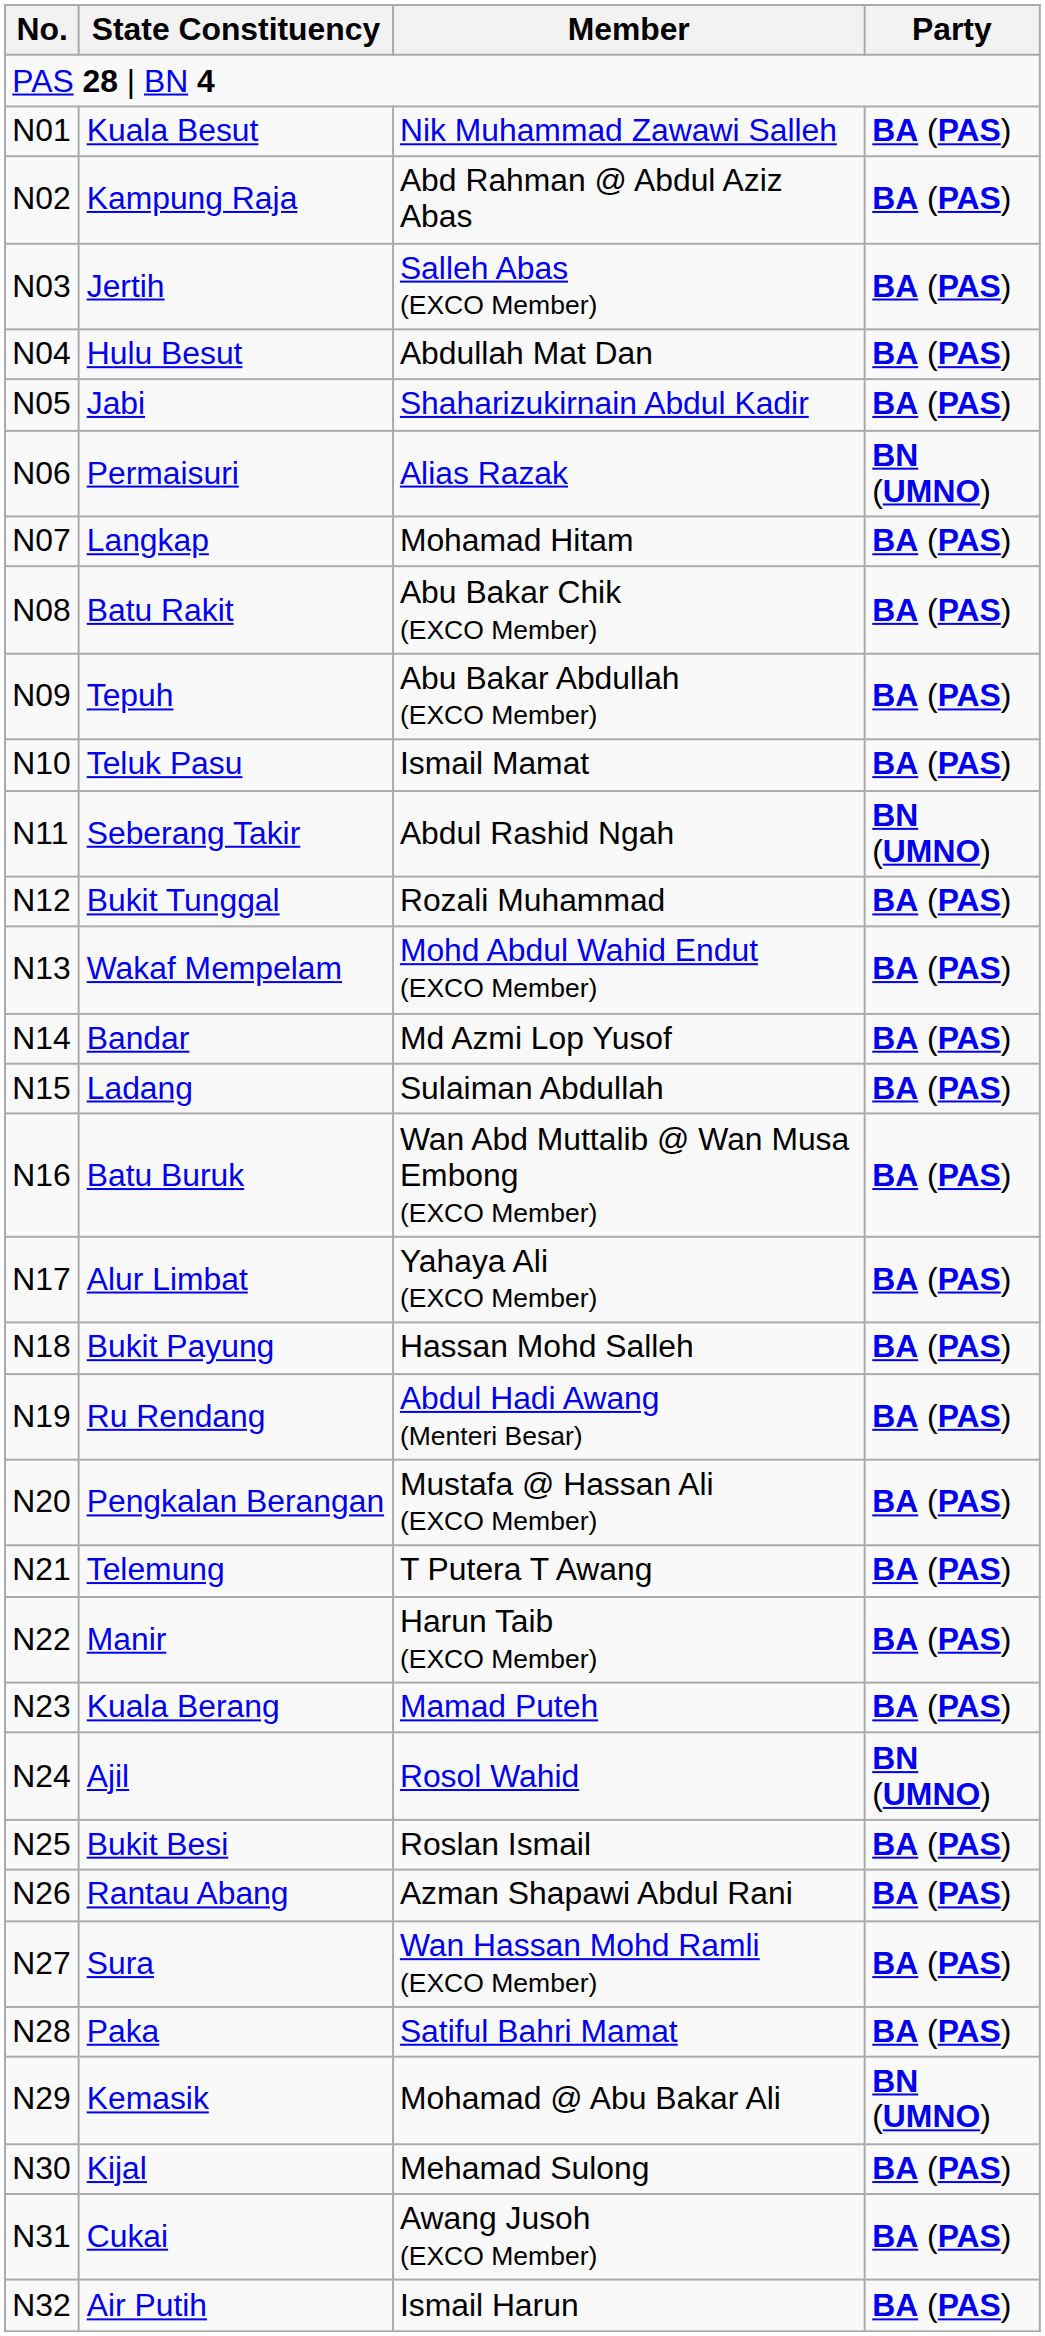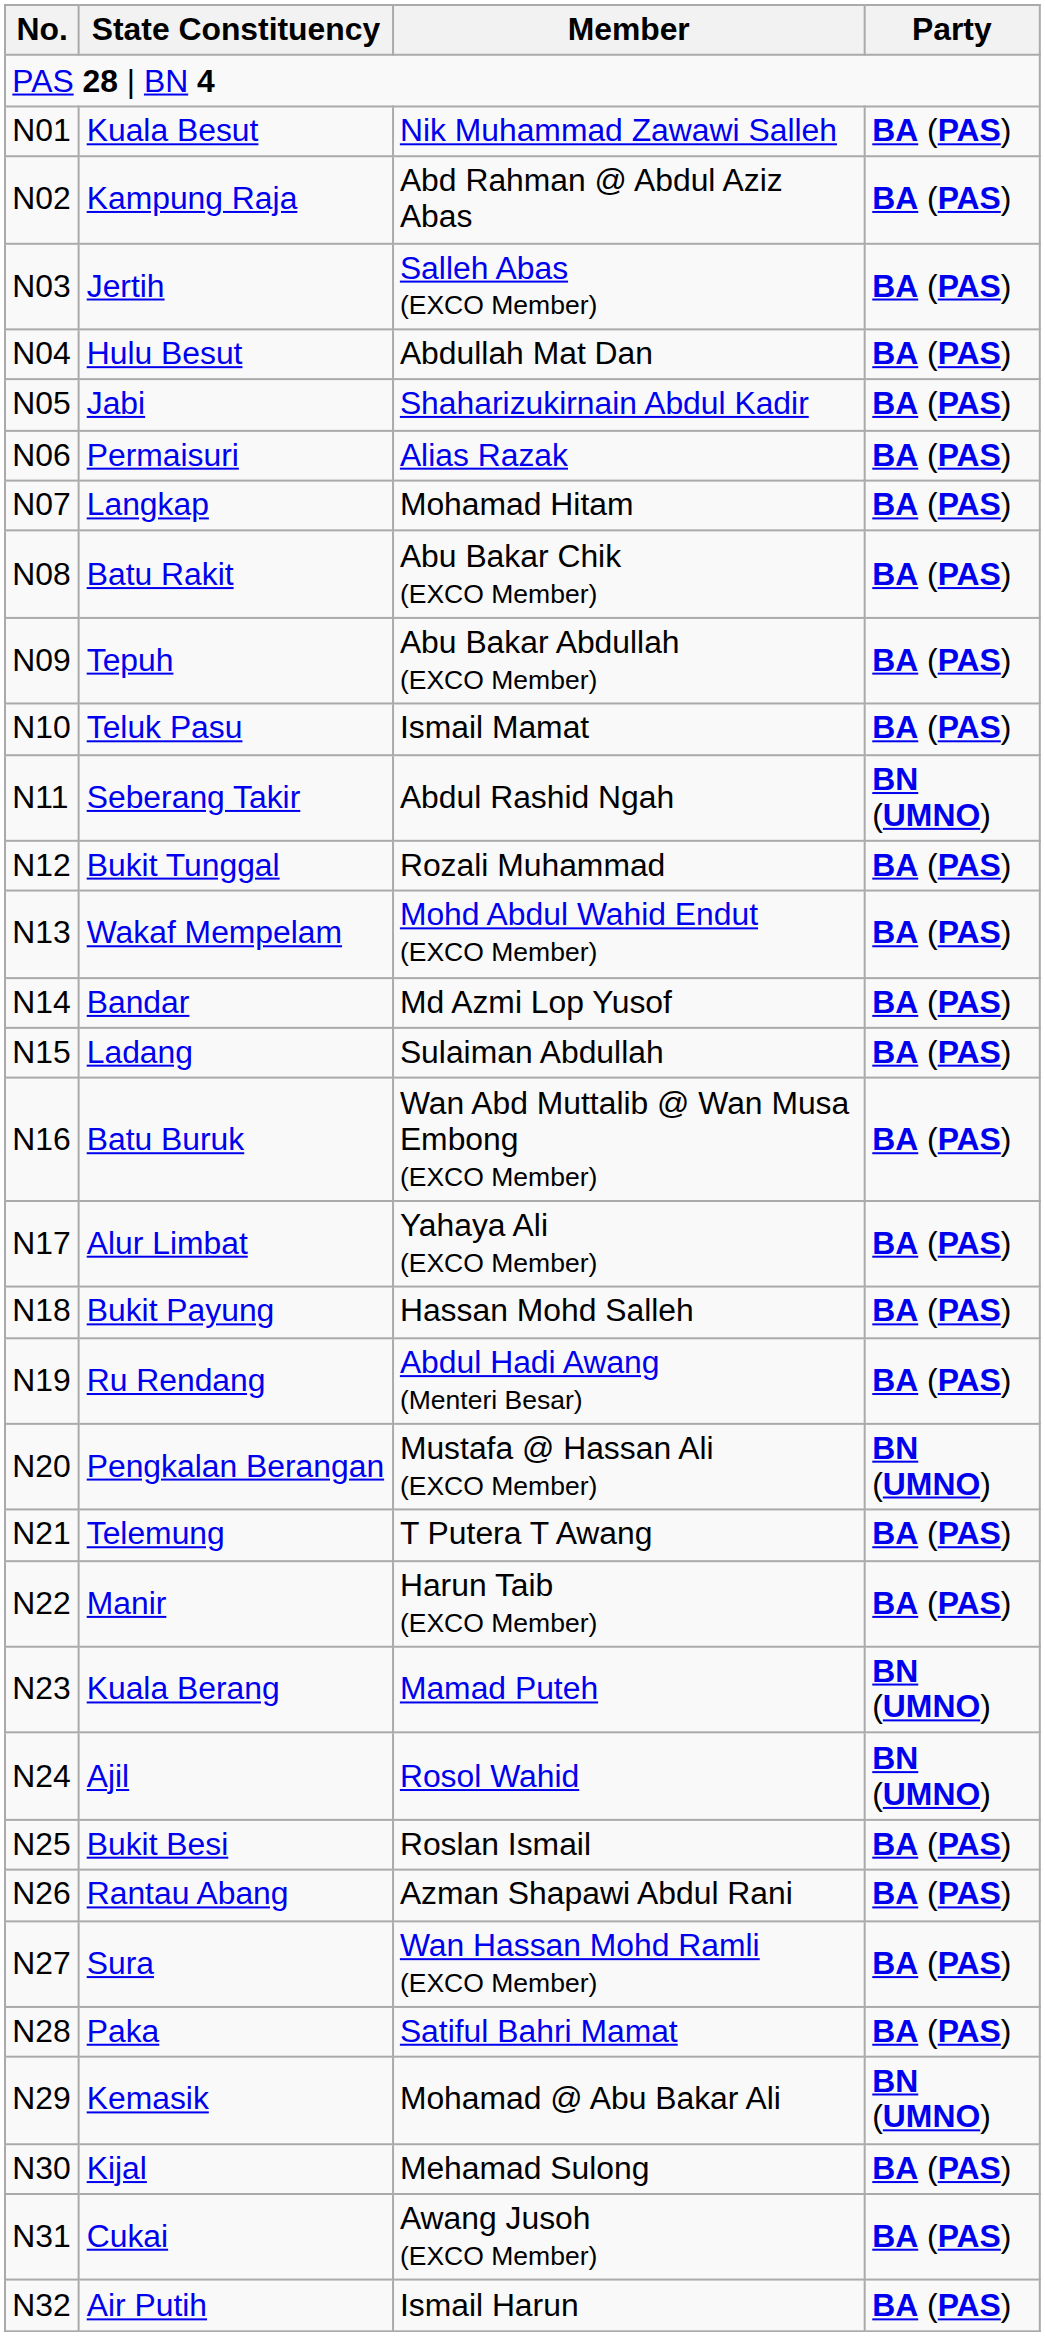 <table class="wikitable sortable">
 <tr>
 <th style="width:30px;">No.</th>
 <th style="width:150px;">State Constituency</th>
 <th style="width:230px;">Member</th>
 <th style="width:80px;">Party</th>
 </tr>
 <tr>
 <td colspan="4"><a href='#'>PAS</a> <strong>28</strong> | <a href='#'>BN</a> <strong>4</strong></td>
 </tr>
 <tr>
 <td>N01</td>
 <td><a href='#'>Kuala Besut</a></td>
 <td><a href='#'>Nik Muhammad Zawawi Salleh</a></td>
 <td><strong><a href='#'>BA</a></strong> (<strong><a href='#'>PAS</a></strong>)</td>
 </tr>
 <tr>
 <td>N02</td>
 <td><a href='#'>Kampung Raja</a></td>
 <td>Abd Rahman @ Abdul Aziz Abas</td>
 <td><strong><a href='#'>BA</a></strong> (<strong><a href='#'>PAS</a></strong>)</td>
 </tr>
 <tr>
 <td>N03</td>
 <td><a href='#'>Jertih</a></td>
 <td><a href='#'>Salleh Abas</a><br><small>(EXCO Member)</small></td>
 <td><strong><a href='#'>BA</a></strong> (<strong><a href='#'>PAS</a></strong>)</td>
 </tr>
 <tr>
 <td>N04</td>
 <td><a href='#'>Hulu Besut</a></td>
 <td>Abdullah Mat Dan</td>
 <td><strong><a href='#'>BA</a></strong> (<strong><a href='#'>PAS</a></strong>)</td>
 </tr>
 <tr>
 <td>N05</td>
 <td><a href='#'>Jabi</a></td>
 <td><a href='#'>Shaharizukirnain Abdul Kadir</a></td>
 <td><strong><a href='#'>BA</a></strong> (<strong><a href='#'>PAS</a></strong>)</td>
 </tr>
 <tr>
 <td>N06</td>
 <td><a href='#'>Permaisuri</a></td>
 <td><a href='#'>Alias Razak</a></td>
-<td><strong><a href='#'>BN</a></strong> (<strong><a href='#'>UMNO</a></strong>)</td>
+<td><strong><a href='#'>BA</a></strong> (<strong><a href='#'>PAS</a></strong>)</td>
 </tr>
 <tr>
 <td>N07</td>
 <td><a href='#'>Langkap</a></td>
 <td>Mohamad Hitam</td>
 <td><strong><a href='#'>BA</a></strong> (<strong><a href='#'>PAS</a></strong>)</td>
 </tr>
 <tr>
 <td>N08</td>
 <td><a href='#'>Batu Rakit</a></td>
 <td>Abu Bakar Chik<br><small>(EXCO Member)</small></td>
 <td><strong><a href='#'>BA</a></strong> (<strong><a href='#'>PAS</a></strong>)</td>
 </tr>
 <tr>
 <td>N09</td>
 <td><a href='#'>Tepuh</a></td>
 <td>Abu Bakar Abdullah<br><small>(EXCO Member)</small></td>
 <td><strong><a href='#'>BA</a></strong> (<strong><a href='#'>PAS</a></strong>)</td>
 </tr>
 <tr>
 <td>N10</td>
 <td><a href='#'>Teluk Pasu</a></td>
 <td>Ismail Mamat</td>
 <td><strong><a href='#'>BA</a></strong> (<strong><a href='#'>PAS</a></strong>)</td>
 </tr>
 <tr>
 <td>N11</td>
 <td><a href='#'>Seberang Takir</a></td>
 <td>Abdul Rashid Ngah</td>
 <td><strong><a href='#'>BN</a></strong> (<strong><a href='#'>UMNO</a></strong>)</td>
 </tr>
 <tr>
 <td>N12</td>
 <td><a href='#'>Bukit Tunggal</a></td>
 <td>Rozali Muhammad</td>
 <td><strong><a href='#'>BA</a></strong> (<strong><a href='#'>PAS</a></strong>)</td>
 </tr>
 <tr>
 <td>N13</td>
 <td><a href='#'>Wakaf Mempelam</a></td>
 <td><a href='#'>Mohd Abdul Wahid Endut</a><br><small>(EXCO Member)</small></td>
 <td><strong><a href='#'>BA</a></strong> (<strong><a href='#'>PAS</a></strong>)</td>
 </tr>
 <tr>
 <td>N14</td>
 <td><a href='#'>Bandar</a></td>
 <td>Md Azmi Lop Yusof</td>
 <td><strong><a href='#'>BA</a></strong> (<strong><a href='#'>PAS</a></strong>)</td>
 </tr>
 <tr>
 <td>N15</td>
 <td><a href='#'>Ladang</a></td>
 <td>Sulaiman Abdullah</td>
 <td><strong><a href='#'>BA</a></strong> (<strong><a href='#'>PAS</a></strong>)</td>
 </tr>
 <tr>
 <td>N16</td>
 <td><a href='#'>Batu Buruk</a></td>
 <td>Wan Abd Muttalib @ Wan Musa Embong<br><small>(EXCO Member)</small></td>
 <td><strong><a href='#'>BA</a></strong> (<strong><a href='#'>PAS</a></strong>)</td>
 </tr>
 <tr>
 <td>N17</td>
 <td><a href='#'>Alur Limbat</a></td>
 <td>Yahaya Ali<br><small>(EXCO Member)</small></td>
 <td><strong><a href='#'>BA</a></strong> (<strong><a href='#'>PAS</a></strong>)</td>
 </tr>
 <tr>
 <td>N18</td>
 <td><a href='#'>Bukit Payung</a></td>
 <td>Hassan Mohd Salleh</td>
 <td><strong><a href='#'>BA</a></strong> (<strong><a href='#'>PAS</a></strong>)</td>
 </tr>
 <tr>
 <td>N19</td>
 <td><a href='#'>Ru Rendang</a></td>
 <td><a href='#'>Abdul Hadi Awang</a><br><small>(Menteri Besar)</small></td>
 <td><strong><a href='#'>BA</a></strong> (<strong><a href='#'>PAS</a></strong>)</td>
 </tr>
 <tr>
 <td>N20</td>
 <td><a href='#'>Pengkalan Berangan</a></td>
 <td>Mustafa @ Hassan Ali<br><small>(EXCO Member)</small></td>
-<td><strong><a href='#'>BA</a></strong> (<strong><a href='#'>PAS</a></strong>)</td>
+<td><strong><a href='#'>BN</a></strong> (<strong><a href='#'>UMNO</a></strong>)</td>
 </tr>
 <tr>
 <td>N21</td>
 <td><a href='#'>Telemung</a></td>
 <td>T Putera T Awang</td>
 <td><strong><a href='#'>BA</a></strong> (<strong><a href='#'>PAS</a></strong>)</td>
 </tr>
 <tr>
 <td>N22</td>
 <td><a href='#'>Manir</a></td>
 <td>Harun Taib<br><small>(EXCO Member)</small></td>
 <td><strong><a href='#'>BA</a></strong> (<strong><a href='#'>PAS</a></strong>)</td>
 </tr>
 <tr>
 <td>N23</td>
 <td><a href='#'>Kuala Berang</a></td>
 <td><a href='#'>Mamad Puteh</a></td>
-<td><strong><a href='#'>BA</a></strong> (<strong><a href='#'>PAS</a></strong>)</td>
+<td><strong><a href='#'>BN</a></strong> (<strong><a href='#'>UMNO</a></strong>)</td>
 </tr>
 <tr>
 <td>N24</td>
 <td><a href='#'>Ajil</a></td>
 <td><a href='#'>Rosol Wahid</a></td>
 <td><strong><a href='#'>BN</a></strong> (<strong><a href='#'>UMNO</a></strong>)</td>
 </tr>
 <tr>
 <td>N25</td>
 <td><a href='#'>Bukit Besi</a></td>
 <td>Roslan Ismail</td>
 <td><strong><a href='#'>BA</a></strong> (<strong><a href='#'>PAS</a></strong>)</td>
 </tr>
 <tr>
 <td>N26</td>
 <td><a href='#'>Rantau Abang</a></td>
 <td>Azman Shapawi Abdul Rani</td>
 <td><strong><a href='#'>BA</a></strong> (<strong><a href='#'>PAS</a></strong>)</td>
 </tr>
 <tr>
 <td>N27</td>
 <td><a href='#'>Sura</a></td>
 <td><a href='#'>Wan Hassan Mohd Ramli</a><br><small>(EXCO Member)</small></td>
 <td><strong><a href='#'>BA</a></strong> (<strong><a href='#'>PAS</a></strong>)</td>
 </tr>
 <tr>
 <td>N28</td>
 <td><a href='#'>Paka</a></td>
 <td><a href='#'>Satiful Bahri Mamat</a></td>
 <td><strong><a href='#'>BA</a></strong> (<strong><a href='#'>PAS</a></strong>)</td>
 </tr>
 <tr>
 <td>N29</td>
 <td><a href='#'>Kemasik</a></td>
 <td>Mohamad @ Abu Bakar Ali</td>
 <td><strong><a href='#'>BN</a></strong> (<strong><a href='#'>UMNO</a></strong>)</td>
 </tr>
 <tr>
 <td>N30</td>
 <td><a href='#'>Kijal</a></td>
 <td>Mehamad Sulong</td>
 <td><strong><a href='#'>BA</a></strong> (<strong><a href='#'>PAS</a></strong>)</td>
 </tr>
 <tr>
 <td>N31</td>
 <td><a href='#'>Cukai</a></td>
 <td>Awang Jusoh<br><small>(EXCO Member)</small></td>
 <td><strong><a href='#'>BA</a></strong> (<strong><a href='#'>PAS</a></strong>)</td>
 </tr>
 <tr>
 <td>N32</td>
 <td><a href='#'>Air Putih</a></td>
 <td>Ismail Harun</td>
 <td><strong><a href='#'>BA</a></strong> (<strong><a href='#'>PAS</a></strong>)</td>
 </tr>
 </table>
